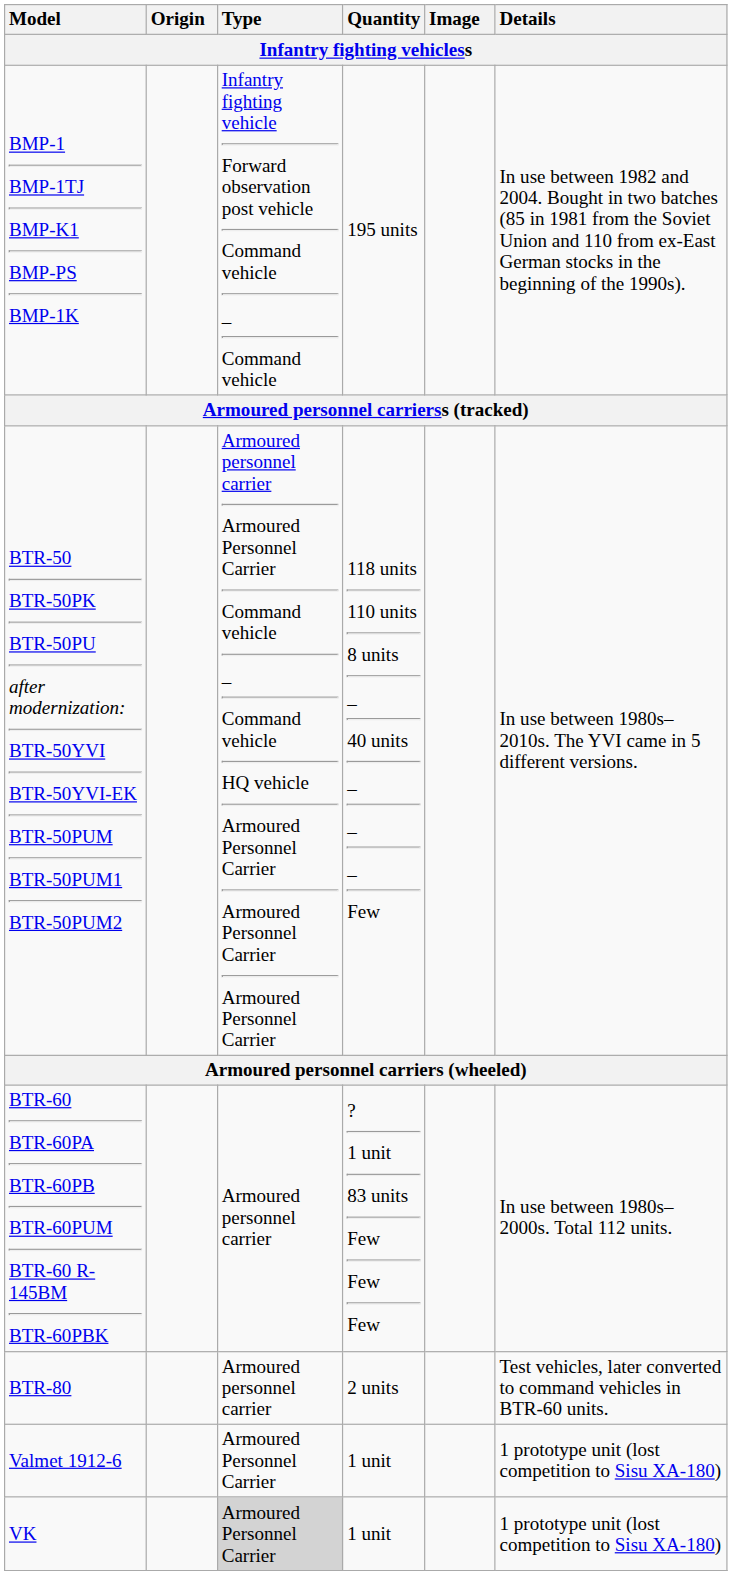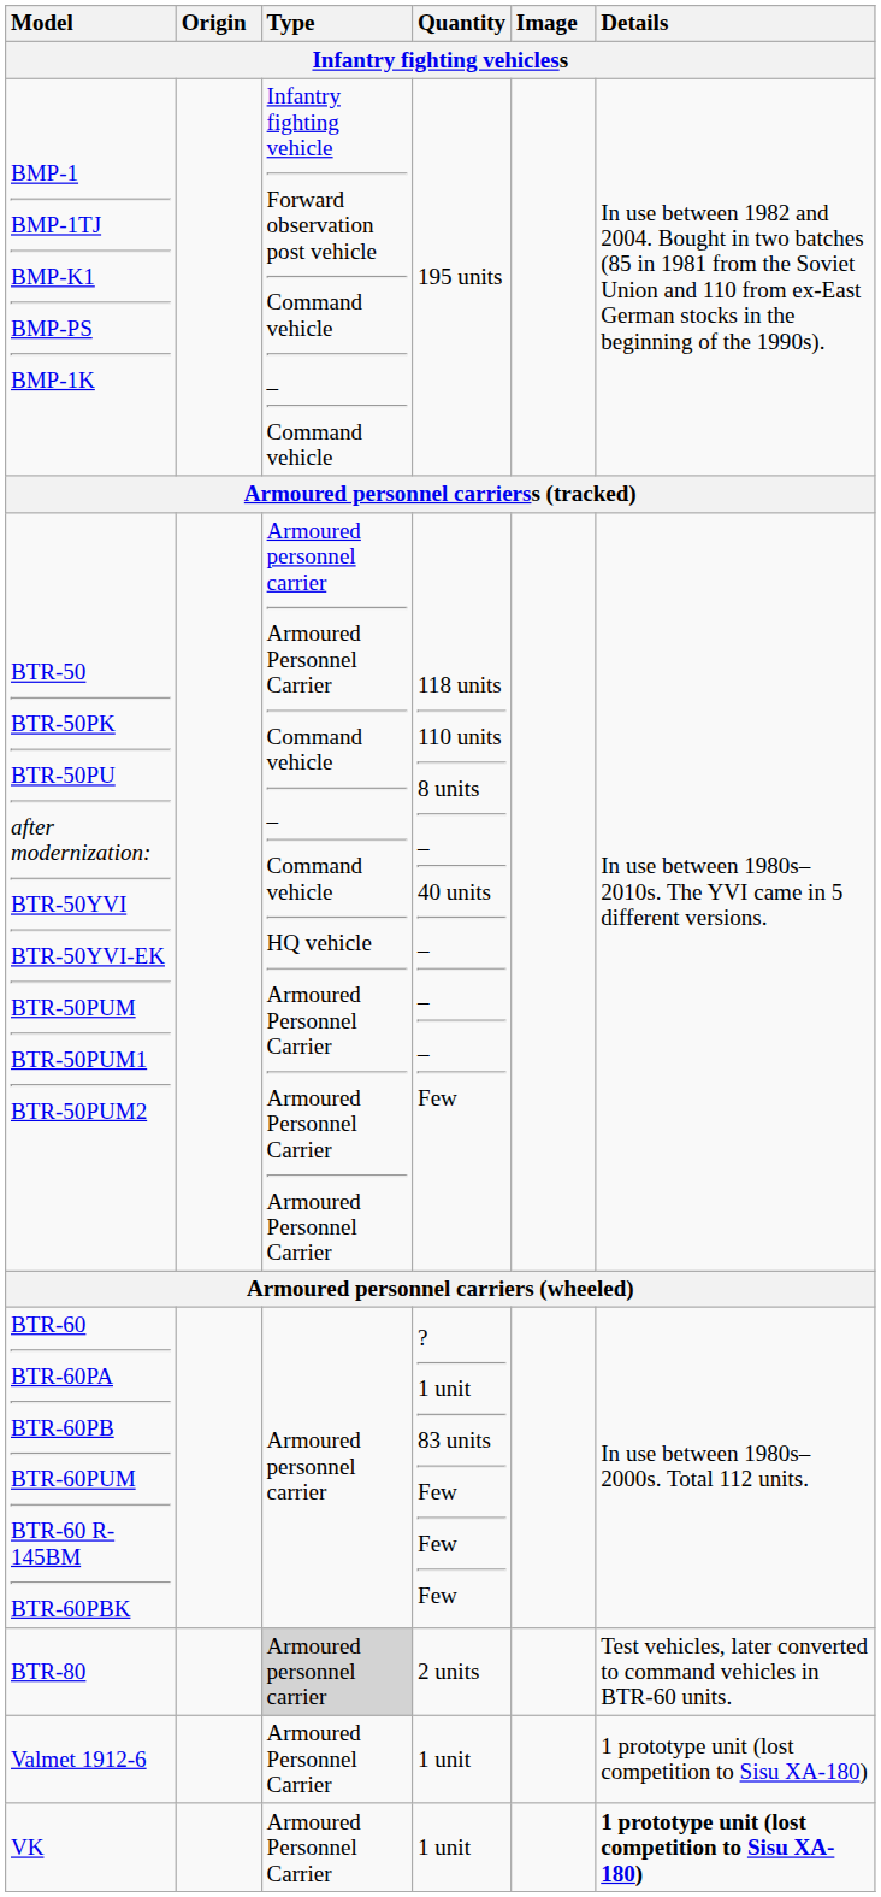 <table class="wikitable">
 <tr>
 <th style="text-align: left; width:20%;">Model</th>
 <th style="text-align: left; width:10%;">Origin</th>
 <th style="text-align: left; width:18%;">Type</th>
 <th style="text-align: left; width:7%;">Quantity</th>
 <th style="text-align: left; width:10%;">Image</th>
 <th style="text-align: left; width:35%;">Details</th>
 </tr>
 <tr>
 <th style="align: center;" colspan="7"><a href='#'>Infantry fighting vehicles</a>s</th>
 </tr>
 <tr>
 <td><a href='#'>BMP-1</a><hr><a href='#'>BMP-1TJ</a><hr><a href='#'>BMP-K1</a><hr><a href='#'>BMP-PS</a><hr><a href='#'>BMP-1K</a></td>
 <td></td>
 <td><a href='#'>Infantry fighting vehicle</a><hr>Forward observation post vehicle<hr>Command vehicle<hr>_<hr>Command vehicle</td>
 <td>195 units</td>
 <td></td>
 <td>In use between 1982 and 2004. Bought in two batches (85 in 1981 from the Soviet Union and 110 from ex-East German stocks in the beginning of the 1990s).</td>
 </tr>
 <tr>
 <th style="align: center;" colspan="7"><a href='#'>Armoured personnel carriers</a>s (tracked)</th>
 </tr>
 <tr>
 <td><a href='#'>BTR-50</a><hr><a href='#'>BTR-50PK</a><hr><a href='#'>BTR-50PU</a><hr><em>after modernization:</em><hr><a href='#'>BTR-50YVI</a><hr><a href='#'>BTR-50YVI-EK</a><hr><a href='#'>BTR-50PUM</a><hr><a href='#'>BTR-50PUM1</a><hr><a href='#'>BTR-50PUM2</a></td>
 <td></td>
 <td><a href='#'>Armoured personnel carrier</a><hr>Armoured Personnel Carrier<hr>Command vehicle<hr>_<hr>Command vehicle<hr>HQ vehicle<hr>Armoured Personnel Carrier<hr>Armoured Personnel Carrier<hr>Armoured Personnel Carrier</td>
 <td>118 units<hr>110 units<hr>8 units<hr>_<hr>40 units<hr>_<hr>_<hr>_<hr>Few</td>
 <td></td>
 <td>In use between 1980s–2010s. The YVI came in 5 different versions.</td>
 </tr>
 <tr>
 <th style="align: center;" colspan="7">Armoured personnel carriers (wheeled)</th>
 </tr>
 <tr>
 <td><a href='#'>BTR-60</a><hr><a href='#'>BTR-60PA</a><hr><a href='#'>BTR-60PB</a><hr><a href='#'>BTR-60PUM</a><hr><a href='#'>BTR-60 R-145BM</a><hr><a href='#'>BTR-60PBK</a></td>
 <td></td>
 <td>Armoured personnel carrier</td>
 <td>?<hr>1 unit<hr>83 units<hr>Few<hr>Few<hr>Few</td>
 <td></td>
 <td>In use between 1980s–2000s. Total 112 units.</td>
 </tr>
 <tr>
 <td><a href='#'>BTR-80</a></td>
 <td></td>
-<td>Armoured personnel carrier</td>
+<td style="background: lightgrey;">Armoured personnel carrier</td>
 <td>2 units</td>
 <td></td>
 <td>Test vehicles, later converted to command vehicles in BTR-60 units.</td>
 </tr>
 <tr>
 <td><a href='#'>Valmet 1912-6</a></td>
 <td></td>
 <td>Armoured Personnel Carrier</td>
 <td>1 unit</td>
 <td></td>
 <td>1 prototype unit (lost competition to <a href='#'>Sisu XA-180</a>)</td>
 </tr>
 <tr>
 <td><a href='#'>VK</a></td>
 <td></td>
-<td style="background: lightgrey;">Armoured Personnel Carrier</td>
+<td>Armoured Personnel Carrier</td>
 <td>1 unit</td>
 <td></td>
-<td>1 prototype unit (lost competition to <a href='#'>Sisu XA-180</a>)</td>
+<td><strong>1 prototype unit (lost competition to <a href='#'>Sisu XA-180</a>)</strong></td>
 </tr>
 <tr>
 </tr>
 </table>
